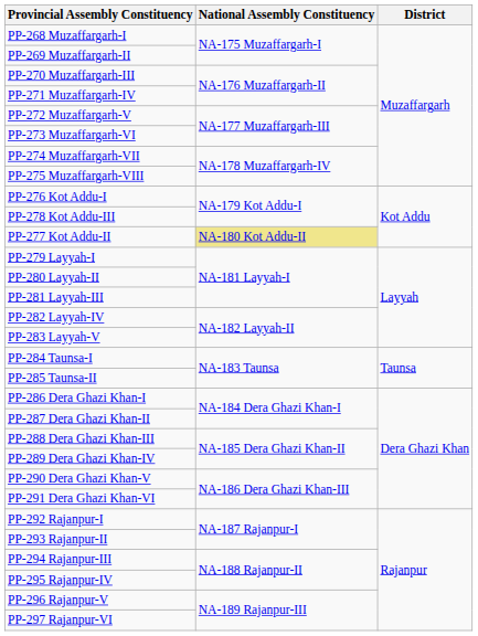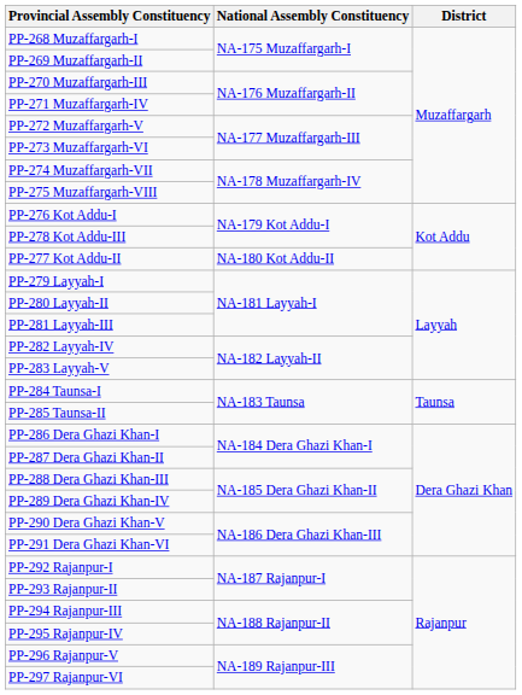 <table class="wikitable sortable static-row-numbers static-row-header-hash">
 <tr>
 <th>Provincial Assembly Constituency</th>
 <th>National Assembly Constituency</th>
 <th>District</th>
 </tr>
 <tr>
 <td><a href='#'>PP-268 Muzaffargarh-I</a></td>
 <td rowspan="2"><a href='#'>NA-175 Muzaffargarh-I</a></td>
 <td rowspan="8"><a href='#'>Muzaffargarh</a></td>
 </tr>
 <tr>
 <td><a href='#'>PP-269 Muzaffargarh-II</a></td>
 </tr>
 <tr>
 <td><a href='#'>PP-270 Muzaffargarh-III</a></td>
 <td rowspan="2"><a href='#'>NA-176 Muzaffargarh-II</a></td>
 </tr>
 <tr>
 <td><a href='#'>PP-271 Muzaffargarh-IV</a></td>
 </tr>
 <tr>
 <td><a href='#'>PP-272 Muzaffargarh-V</a></td>
 <td rowspan="2"><a href='#'>NA-177 Muzaffargarh-III</a></td>
 </tr>
 <tr>
 <td><a href='#'>PP-273 Muzaffargarh-VI</a></td>
 </tr>
 <tr>
 <td><a href='#'>PP-274 Muzaffargarh-VII</a></td>
 <td rowspan="2"><a href='#'>NA-178 Muzaffargarh-IV</a></td>
 </tr>
 <tr>
 <td><a href='#'>PP-275 Muzaffargarh-VIII</a></td>
 </tr>
 <tr>
 <td><a href='#'>PP-276 Kot Addu-I</a></td>
 <td rowspan="2"><a href='#'>NA-179 Kot Addu-I</a></td>
 <td rowspan="3"><a href='#'>Kot Addu</a></td>
 </tr>
 <tr>
 <td><a href='#'>PP-278 Kot Addu-III</a></td>
 </tr>
 <tr>
 <td><a href='#'>PP-277 Kot Addu-II</a></td>
-<td style="background: khaki;"><a href='#'>NA-180 Kot Addu-II</a></td>
+<td><a href='#'>NA-180 Kot Addu-II</a></td>
 </tr>
 <tr>
 <td><a href='#'>PP-279 Layyah-I</a></td>
 <td rowspan="3"><a href='#'>NA-181 Layyah-I</a></td>
 <td rowspan="5"><a href='#'>Layyah</a></td>
 </tr>
 <tr>
 <td><a href='#'>PP-280 Layyah-II</a></td>
 </tr>
 <tr>
 <td><a href='#'>PP-281 Layyah-III</a></td>
 </tr>
 <tr>
 <td><a href='#'>PP-282 Layyah-IV</a></td>
 <td rowspan="2"><a href='#'>NA-182 Layyah-II</a></td>
 </tr>
 <tr>
 <td><a href='#'>PP-283 Layyah-V</a></td>
 </tr>
 <tr>
 <td><a href='#'>PP-284 Taunsa-I</a></td>
 <td rowspan="2"><a href='#'>NA-183 Taunsa</a></td>
 <td rowspan="2"><a href='#'>Taunsa</a></td>
 </tr>
 <tr>
 <td><a href='#'>PP-285 Taunsa-II</a></td>
 </tr>
 <tr>
 <td><a href='#'>PP-286 Dera Ghazi Khan-I</a></td>
 <td rowspan="2"><a href='#'>NA-184 Dera Ghazi Khan-I</a></td>
 <td rowspan="6"><a href='#'>Dera Ghazi Khan</a></td>
 </tr>
 <tr>
 <td><a href='#'>PP-287 Dera Ghazi Khan-II</a></td>
 </tr>
 <tr>
 <td><a href='#'>PP-288 Dera Ghazi Khan-III</a></td>
 <td rowspan="2"><a href='#'>NA-185 Dera Ghazi Khan-II</a></td>
 </tr>
 <tr>
 <td><a href='#'>PP-289 Dera Ghazi Khan-IV</a></td>
 </tr>
 <tr>
 <td><a href='#'>PP-290 Dera Ghazi Khan-V</a></td>
 <td rowspan="2"><a href='#'>NA-186 Dera Ghazi Khan-III</a></td>
 </tr>
 <tr>
 <td><a href='#'>PP-291 Dera Ghazi Khan-VI</a></td>
 </tr>
 <tr>
 <td><a href='#'>PP-292 Rajanpur-I</a></td>
 <td rowspan="2"><a href='#'>NA-187 Rajanpur-I</a></td>
 <td rowspan="6"><a href='#'>Rajanpur</a></td>
 </tr>
 <tr>
 <td><a href='#'>PP-293 Rajanpur-II</a></td>
 </tr>
 <tr>
 <td><a href='#'>PP-294 Rajanpur-III</a></td>
 <td rowspan="2"><a href='#'>NA-188 Rajanpur-II</a></td>
 </tr>
 <tr>
 <td><a href='#'>PP-295 Rajanpur-IV</a></td>
 </tr>
 <tr>
 <td><a href='#'>PP-296 Rajanpur-V</a></td>
 <td rowspan="2"><a href='#'>NA-189 Rajanpur-III</a></td>
 </tr>
 <tr>
 <td><a href='#'>PP-297 Rajanpur-VI</a></td>
 </tr>
 </table>
